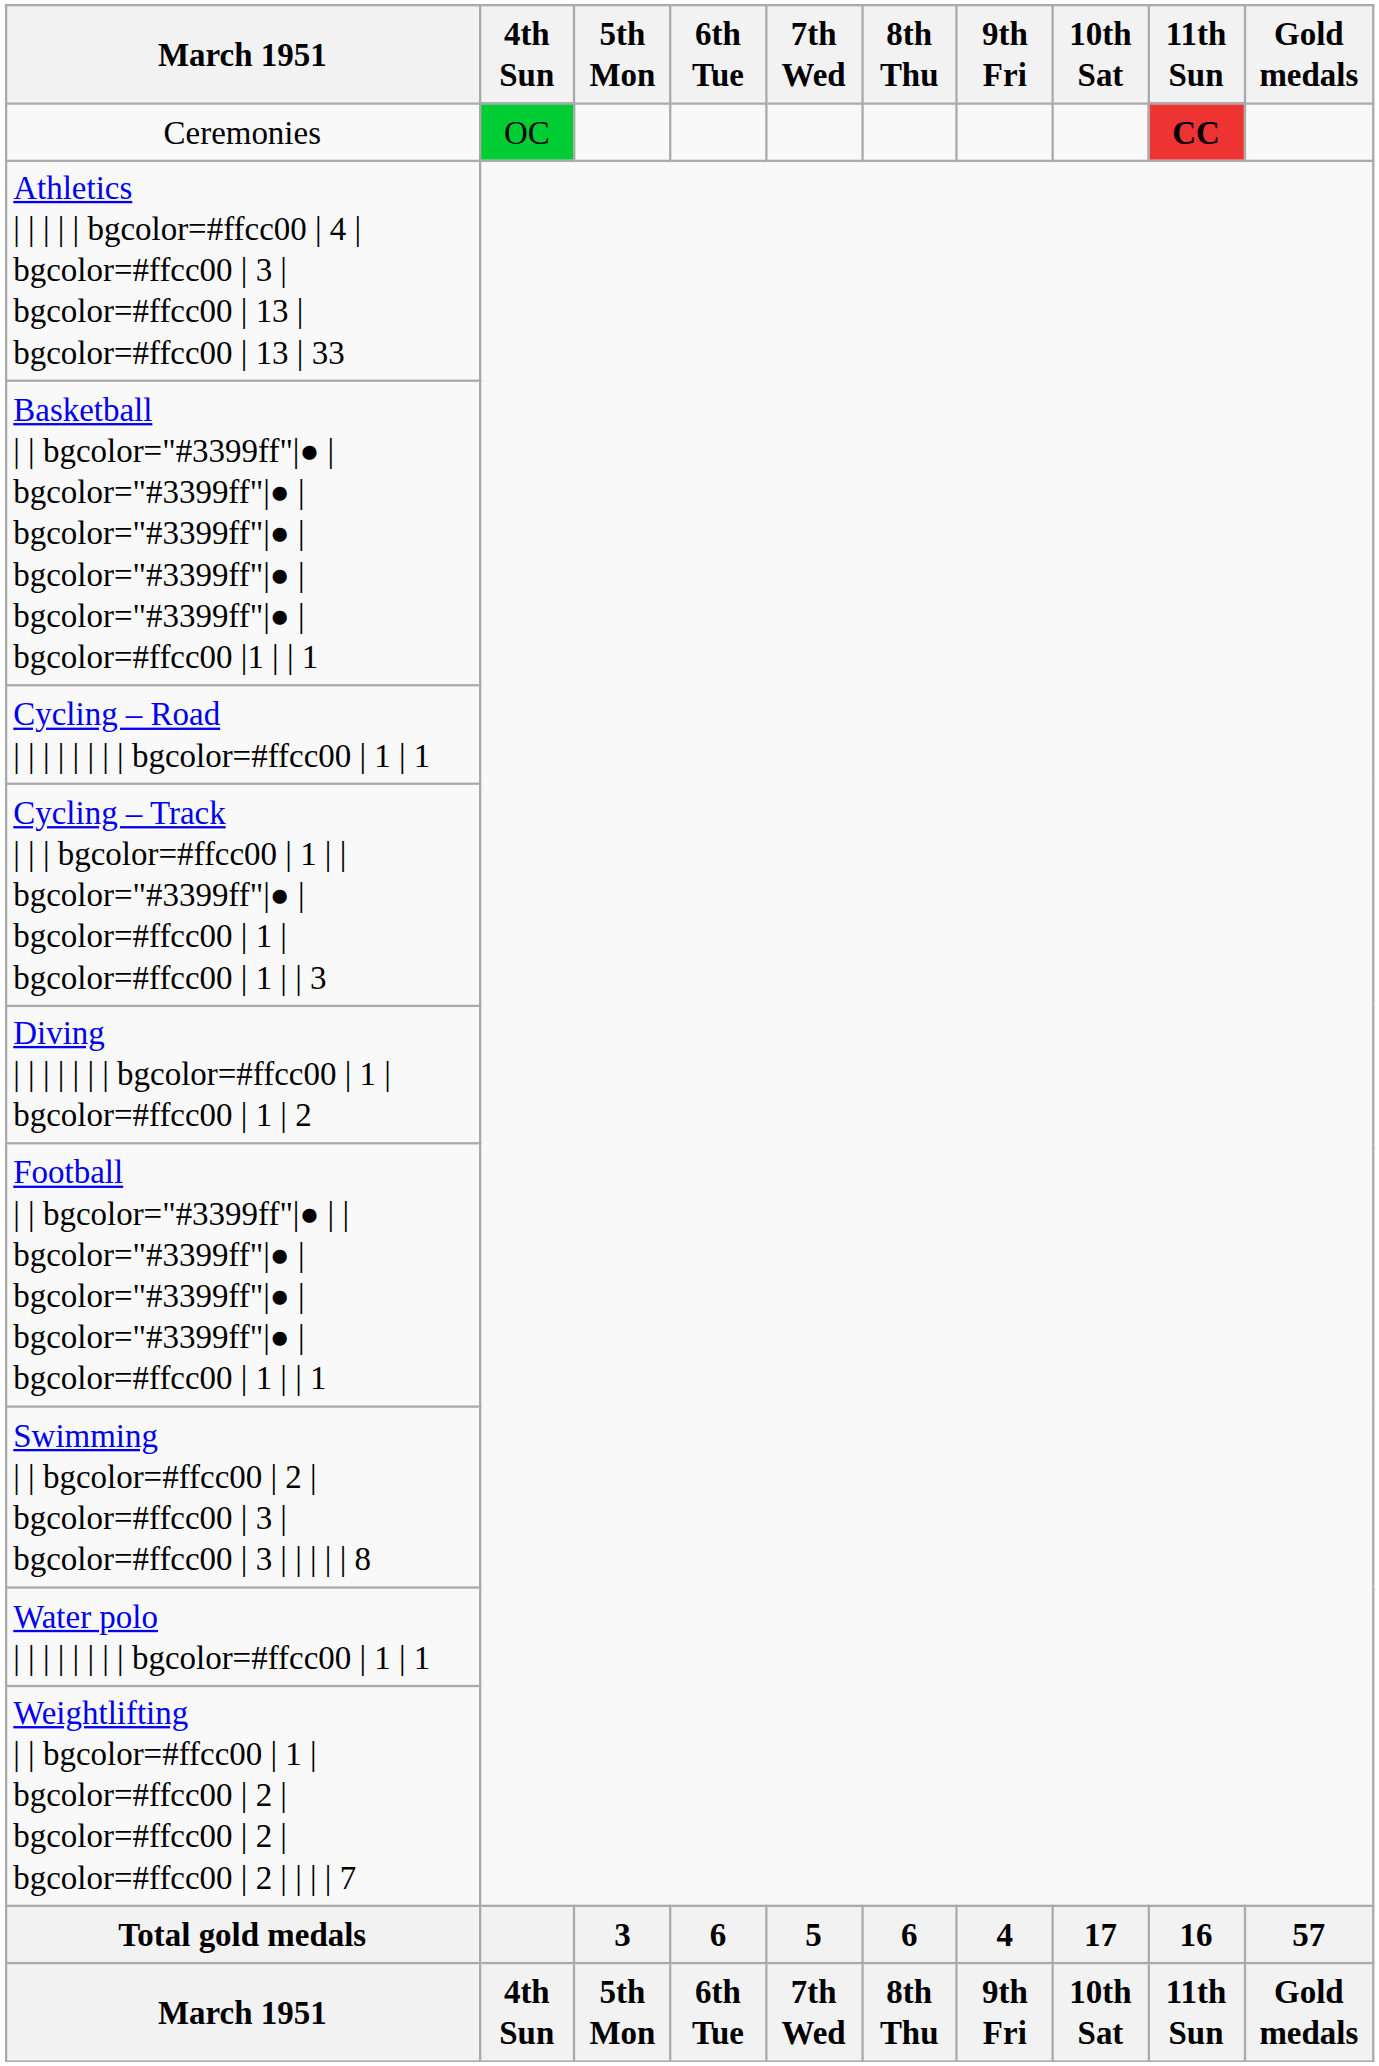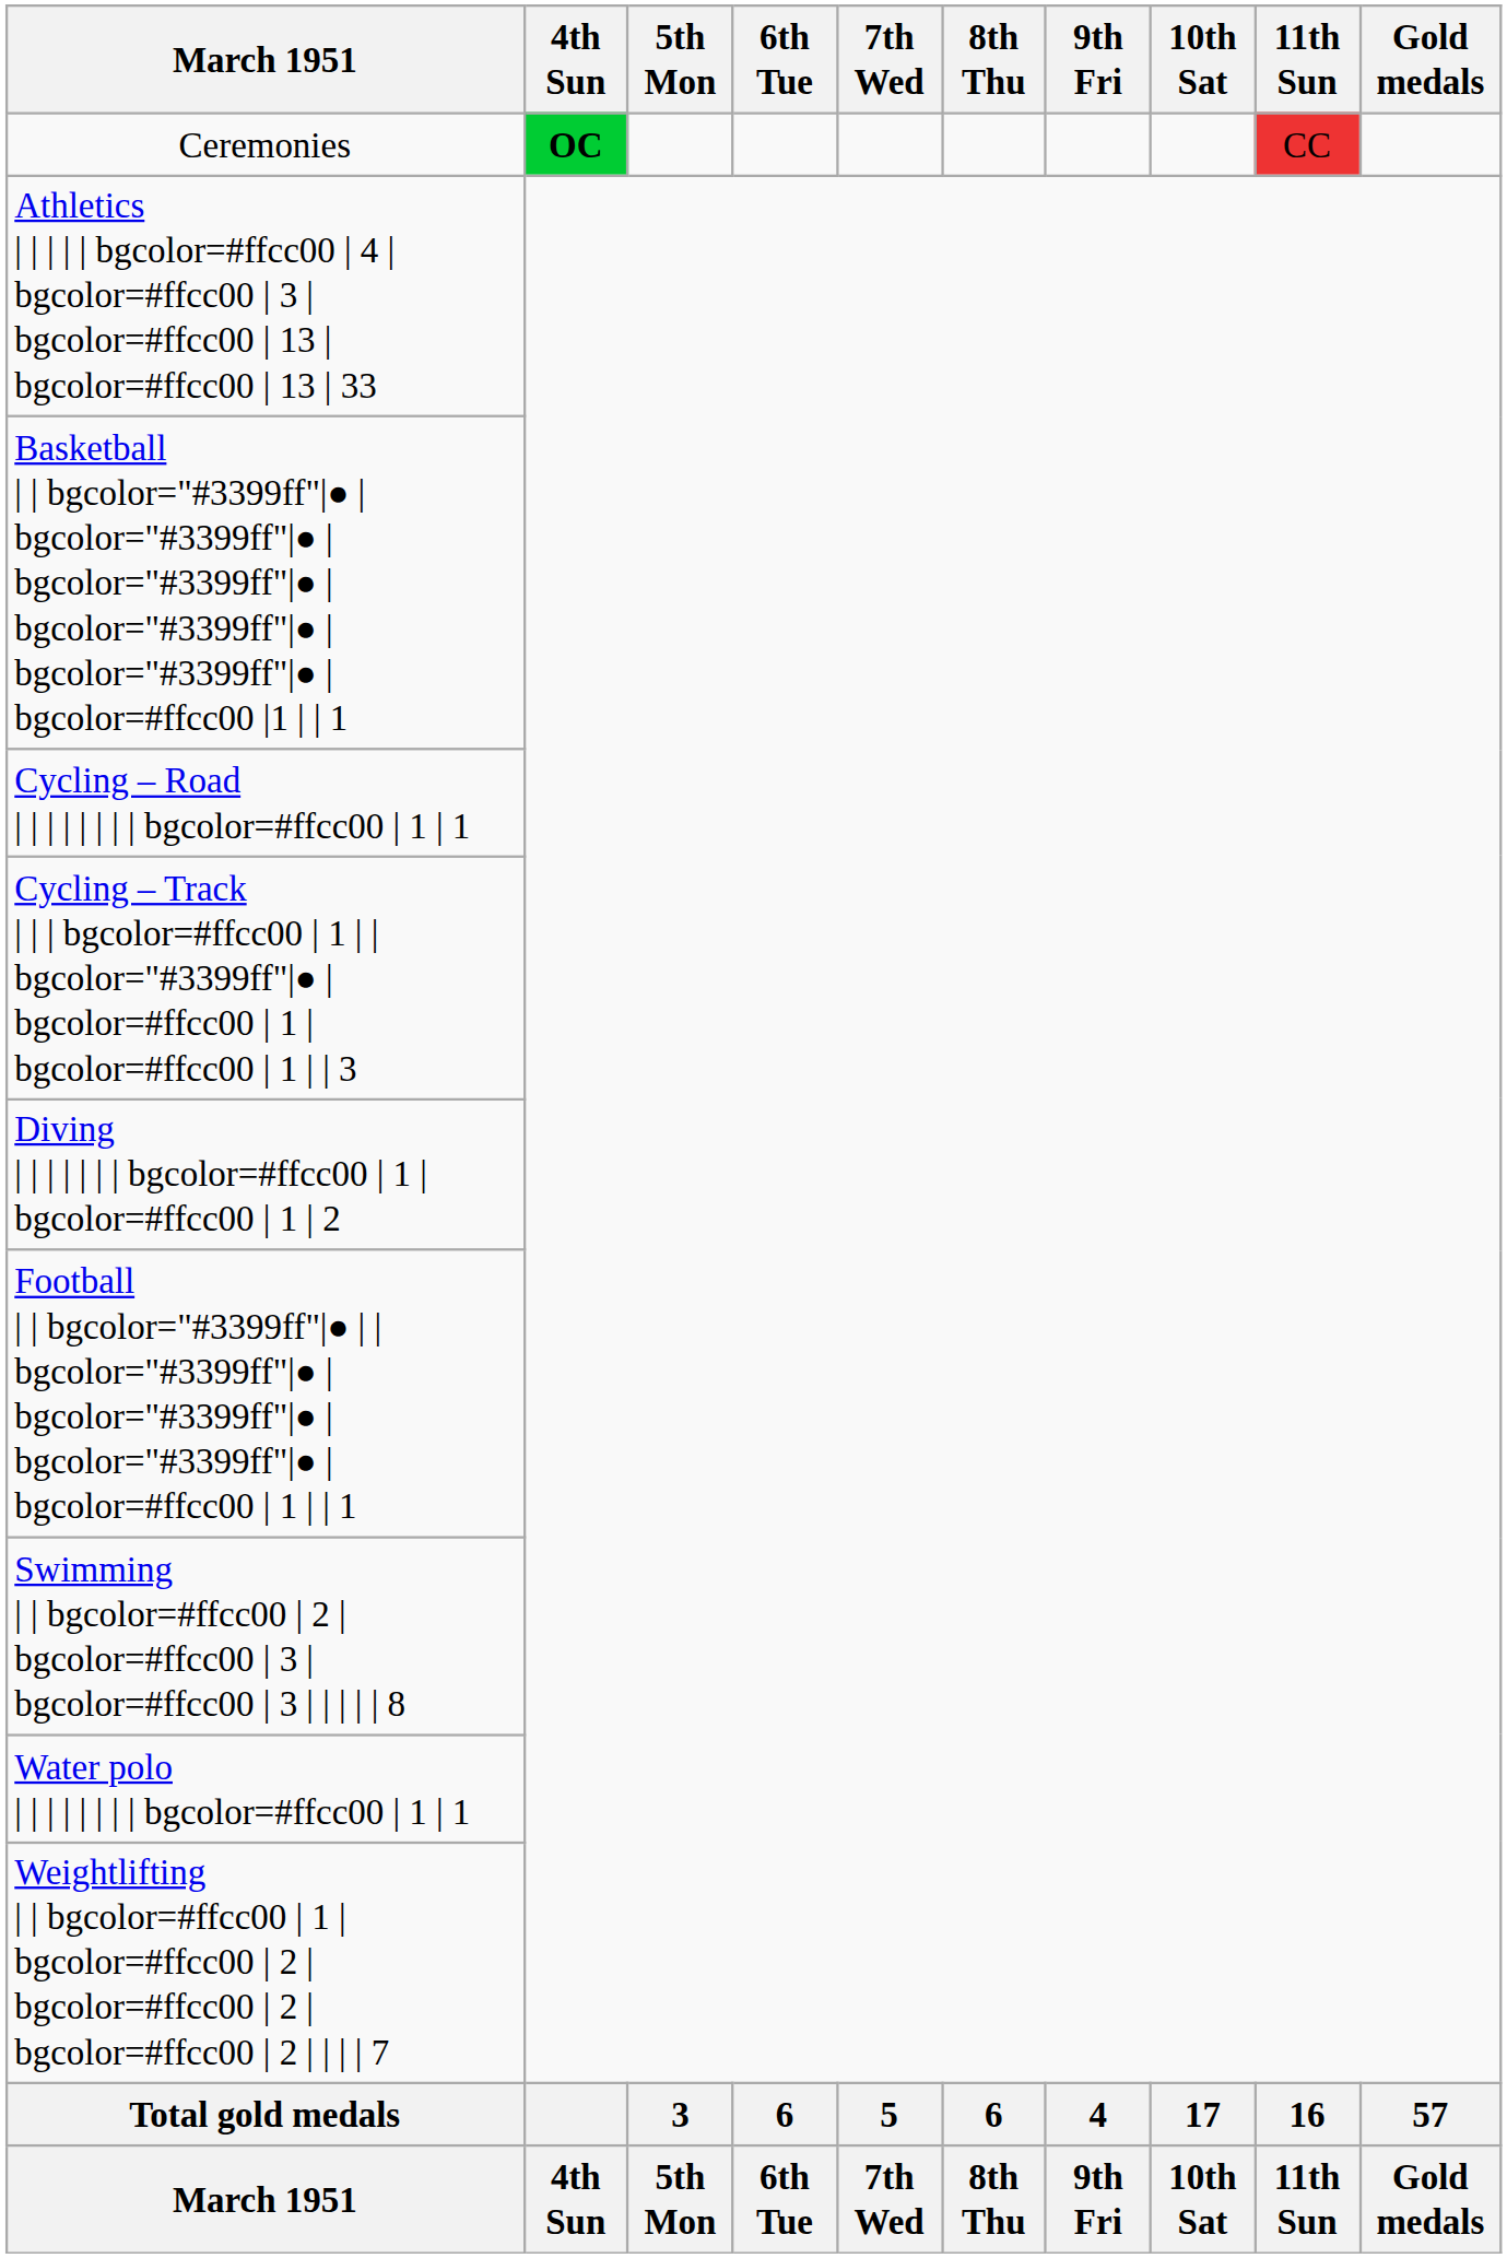 <table class="wikitable" style="margin:0.5em auto; font-size:90%; line-height:1.25em; text-align:center;">
 <tr>
 <th width=200>March 1951</th>
 <th width=35>4th<br>Sun</th>
 <th width=35>5th<br>Mon</th>
 <th width=35>6th<br>Tue</th>
 <th width=35>7th<br>Wed</th>
 <th width=35>8th<br>Thu</th>
 <th width=35>9th<br>Fri</th>
 <th width=35>10th<br>Sat</th>
 <th width=35>11th<br>Sun</th>
 <th width=50>Gold<br>medals</th>
 </tr>
 <tr>
 <td>Ceremonies</td>
-<td bgcolor=#00cc33 align=center>OC</td>
+<td bgcolor=#00cc33 align=center><strong>OC</strong></td>
 <td></td>
 <td></td>
 <td></td>
 <td></td>
 <td></td>
 <td></td>
-<td bgcolor=#ee3333 align=center><strong>CC</strong></td>
+<td bgcolor=#ee3333 align=center>CC</td>
 <td></td>
 </tr>
 <tr>
 <td align="left"> <a href='#'>Athletics</a><br>|  |  |  |  | bgcolor=#ffcc00 | 4 | bgcolor=#ffcc00 | 3 | bgcolor=#ffcc00 | 13 | bgcolor=#ffcc00 | 13 | 33</td>
 </tr>
 <tr>
 <td align="left"> <a href='#'>Basketball</a><br>|  | bgcolor="#3399ff"|● | bgcolor="#3399ff"|● | bgcolor="#3399ff"|● | bgcolor="#3399ff"|● | bgcolor="#3399ff"|● | bgcolor=#ffcc00 |1 |  | 1</td>
 </tr>
 <tr>
 <td align="left"> <a href='#'>Cycling – Road</a><br>|  |  |  |  |  |  |  | bgcolor=#ffcc00 | 1 | 1</td>
 </tr>
 <tr>
 <td align="left"> <a href='#'>Cycling – Track</a><br>|  |  | bgcolor=#ffcc00 | 1 |  | bgcolor="#3399ff"|● | bgcolor=#ffcc00 | 1 | bgcolor=#ffcc00 | 1 |  | 3</td>
 </tr>
 <tr>
 <td align="left"> <a href='#'>Diving</a><br>|  |  |  |  |  |  | bgcolor=#ffcc00 | 1 | bgcolor=#ffcc00 | 1 | 2</td>
 </tr>
 <tr>
 <td align="left"> <a href='#'>Football</a><br>|  | bgcolor="#3399ff"|● |  | bgcolor="#3399ff"|● | bgcolor="#3399ff"|● | bgcolor="#3399ff"|● | bgcolor=#ffcc00 | 1 |  | 1</td>
 </tr>
 <tr>
 <td align="left"> <a href='#'>Swimming</a><br>|  | bgcolor=#ffcc00 | 2 | bgcolor=#ffcc00 | 3 | bgcolor=#ffcc00 | 3 |  |  |  |  | 8</td>
 </tr>
 <tr>
 <td align="left"> <a href='#'>Water polo</a><br>|  |  |  |  |  |  |  | bgcolor=#ffcc00 | 1 | 1</td>
 </tr>
 <tr>
 <td align="left"> <a href='#'>Weightlifting</a><br>|  | bgcolor=#ffcc00 | 1 | bgcolor=#ffcc00 | 2 | bgcolor=#ffcc00 | 2 | bgcolor=#ffcc00 | 2 |  |  |  | 7</td>
 </tr>
 <tr>
 <th>Total gold medals</th>
 <th></th>
 <th>3</th>
 <th>6</th>
 <th>5</th>
 <th>6</th>
 <th>4</th>
 <th>17</th>
 <th>16</th>
 <th>57</th>
 </tr>
 <tr>
 <th>March 1951</th>
 <th>4th<br>Sun</th>
 <th>5th<br>Mon</th>
 <th>6th<br>Tue</th>
 <th>7th<br>Wed</th>
 <th>8th<br>Thu</th>
 <th>9th<br>Fri</th>
 <th>10th<br>Sat</th>
 <th>11th<br>Sun</th>
 <th>Gold<br>medals</th>
 </tr>
 </table>
